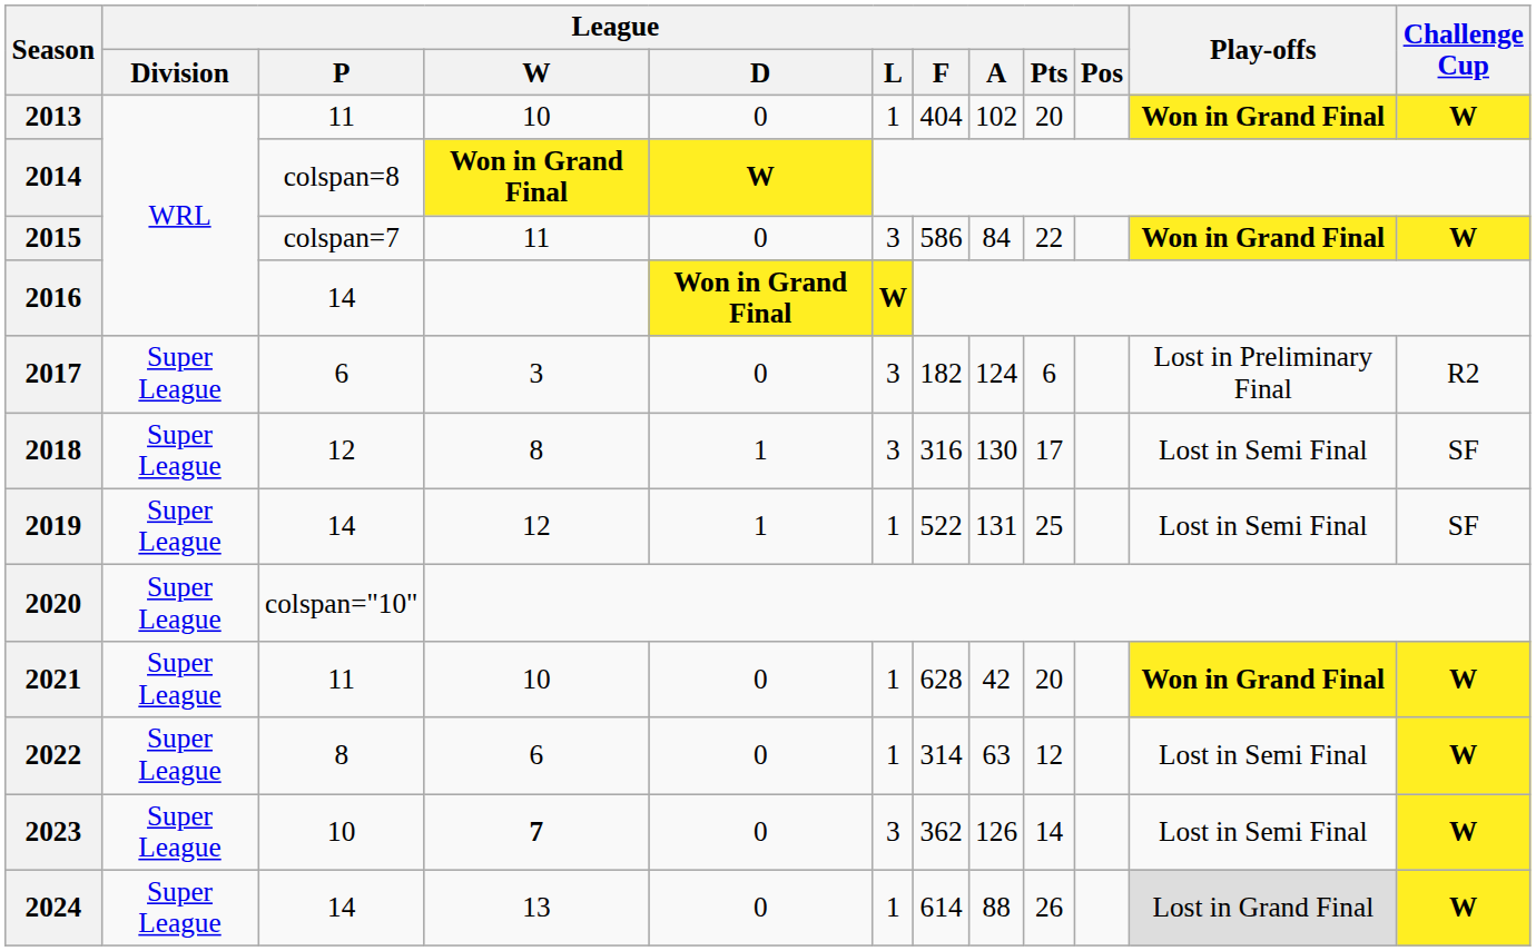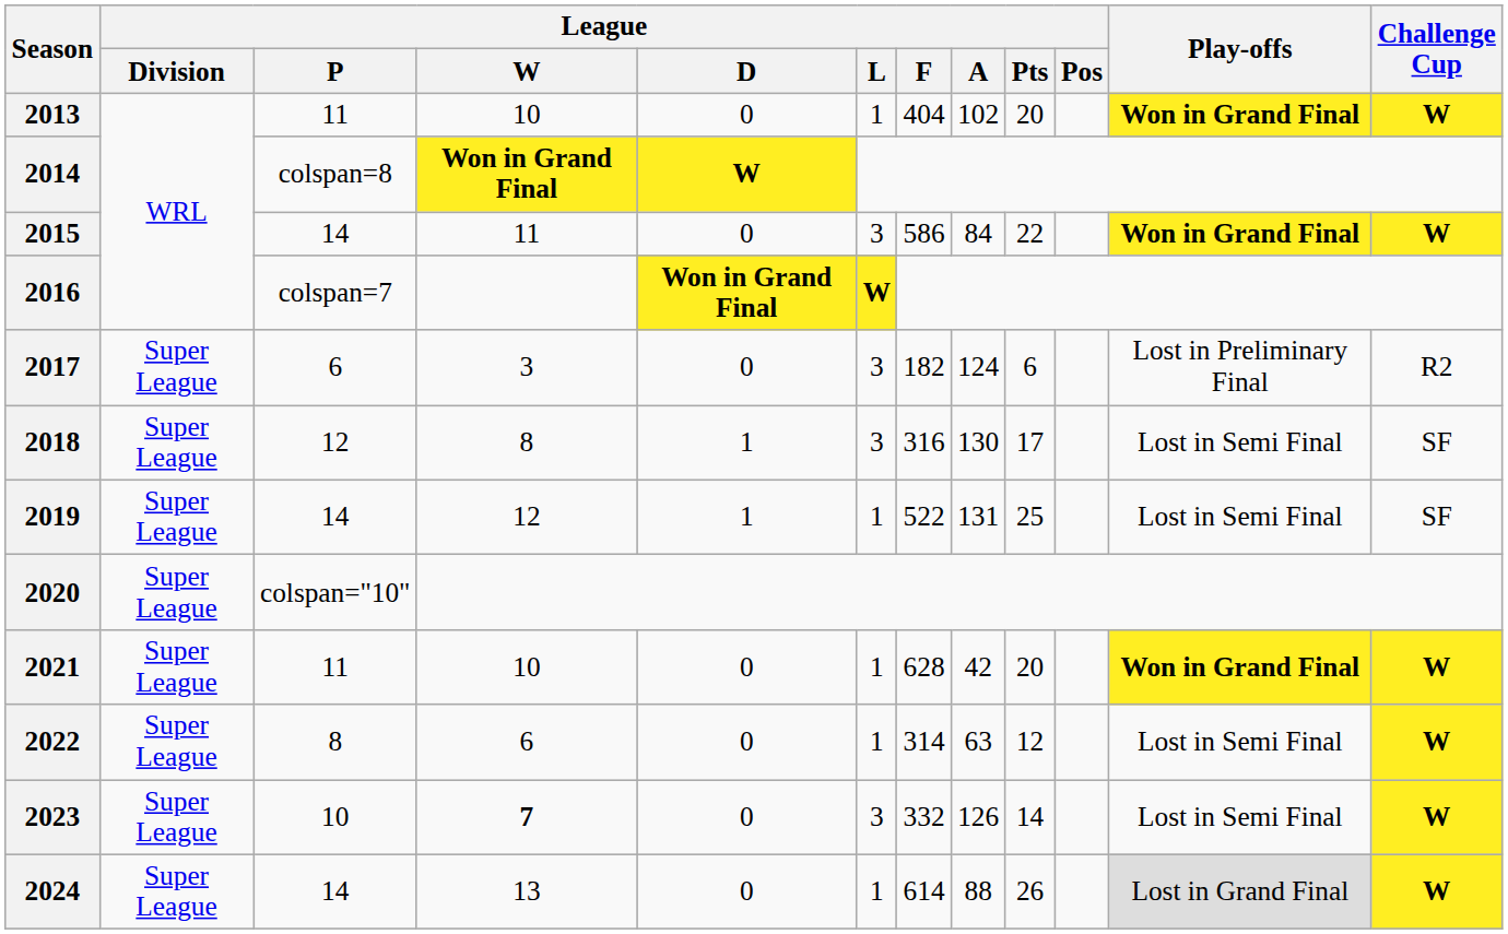 <table class="wikitable" style="text-align: center">
 <tr>
 <th rowspan="2" scope="col">Season</th>
 <th colspan="9" scope="col">League</th>
 <th rowspan="2" scope="col">Play-offs</th>
 <th rowspan="2" scope="col"><a href='#'>Challenge<br>Cup</a></th>
 </tr>
 <tr>
 <th scope="col">Division</th>
 <th scope="col">P</th>
 <th scope="col">W</th>
 <th scope="col">D</th>
 <th scope="col">L</th>
 <th scope="col">F</th>
 <th scope="col">A</th>
 <th scope="col">Pts</th>
 <th scope="col">Pos</th>
 </tr>
 <tr>
 <th scope="row">2013</th>
 <td rowspan="4"><a href='#'>WRL</a></td>
 <td>11</td>
 <td>10</td>
 <td>0</td>
 <td>1</td>
 <td>404</td>
 <td>102</td>
 <td>20</td>
 <td></td>
 <td style="background-color:#FE2"><strong>Won in Grand Final</strong></td>
 <td style="background-color:#FE2"><strong>W</strong></td>
 </tr>
 <tr>
 <th scope="row">2014</th>
 <td>colspan=8</td>
 <td style="background-color:#FE2"><strong>Won in Grand Final</strong></td>
 <td style="background-color:#FE2"><strong>W</strong></td>
 </tr>
 <tr>
 <th scope="row">2015</th>
-<td>colspan=7</td>
+<td>14</td>
 <td>11</td>
 <td>0</td>
 <td>3</td>
 <td>586</td>
 <td>84</td>
 <td>22</td>
 <td></td>
 <td style="background-color:#FE2"><strong>Won in Grand Final</strong></td>
 <td style="background-color:#FE2"><strong>W</strong></td>
 </tr>
 <tr>
 <th scope="row">2016</th>
-<td>14</td>
+<td>colspan=7</td>
 <td></td>
 <td style="background-color:#FE2"><strong>Won in Grand Final</strong></td>
 <td style="background-color:#FE2"><strong>W</strong></td>
 </tr>
 <tr>
 <th scope="row">2017</th>
 <td><a href='#'>Super League</a></td>
 <td>6</td>
 <td>3</td>
 <td>0</td>
 <td>3</td>
 <td>182</td>
 <td>124</td>
 <td>6</td>
 <td></td>
 <td>Lost in Preliminary Final</td>
 <td>R2</td>
 </tr>
 <tr>
 <th scope="row">2018</th>
 <td><a href='#'>Super League</a></td>
 <td>12</td>
 <td>8</td>
 <td>1</td>
 <td>3</td>
 <td>316</td>
 <td>130</td>
 <td>17</td>
 <td></td>
 <td>Lost in Semi Final</td>
 <td>SF</td>
 </tr>
 <tr>
 <th scope="row">2019</th>
 <td><a href='#'>Super League</a></td>
 <td>14</td>
 <td>12</td>
 <td>1</td>
 <td>1</td>
 <td>522</td>
 <td>131</td>
 <td>25</td>
 <td></td>
 <td>Lost in Semi Final</td>
 <td>SF</td>
 </tr>
 <tr>
 <th scope="row">2020</th>
 <td><a href='#'>Super League</a></td>
 <td>colspan="10"</td>
 </tr>
 <tr>
 <th scope="row">2021</th>
 <td><a href='#'>Super League</a></td>
 <td>11</td>
 <td>10</td>
 <td>0</td>
 <td>1</td>
 <td>628</td>
 <td>42</td>
 <td>20</td>
 <td></td>
 <td style="background-color:#FE2"><strong>Won in Grand Final</strong></td>
 <td style="background-color:#FE2"><strong>W</strong></td>
 </tr>
 <tr>
 <th scope="row">2022</th>
 <td><a href='#'>Super League</a></td>
 <td>8</td>
 <td>6</td>
 <td>0</td>
 <td>1</td>
 <td>314</td>
 <td>63</td>
 <td>12</td>
 <td></td>
 <td>Lost in Semi Final</td>
 <td style="background-color:#FE2"><strong>W</strong></td>
 </tr>
 <tr>
 <th scope="row">2023</th>
 <td><a href='#'>Super League</a></td>
 <td>10</td>
 <td><strong>7</strong></td>
 <td>0</td>
 <td>3</td>
-<td>362</td>
+<td>332</td>
 <td>126</td>
 <td>14</td>
 <td></td>
 <td>Lost in Semi Final</td>
 <td style="background-color:#FE2"><strong>W</strong></td>
 </tr>
 <tr>
 <th scope="row">2024</th>
 <td><a href='#'>Super League</a></td>
 <td>14</td>
 <td>13</td>
 <td>0</td>
 <td>1</td>
 <td>614</td>
 <td>88</td>
 <td>26</td>
 <td></td>
 <td style="background-color:#DDD">Lost in Grand Final</td>
 <td style="background-color:#FE2"><strong>W</strong></td>
 </tr>
 </table>
